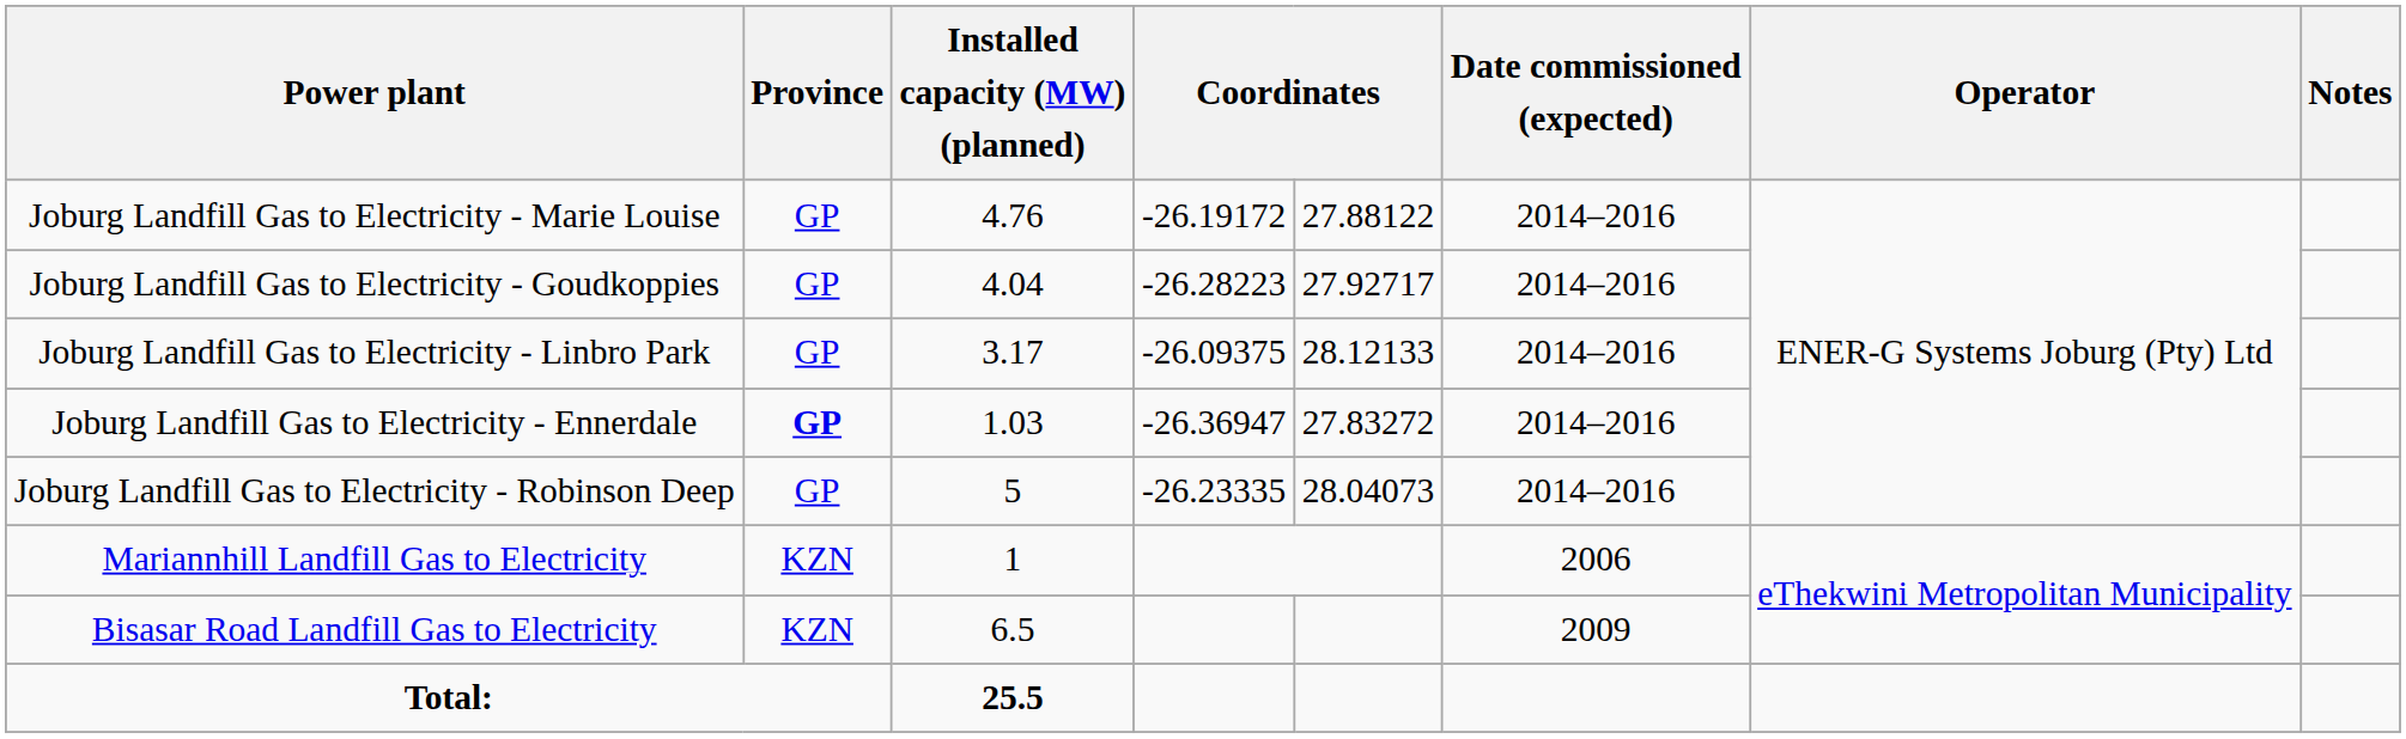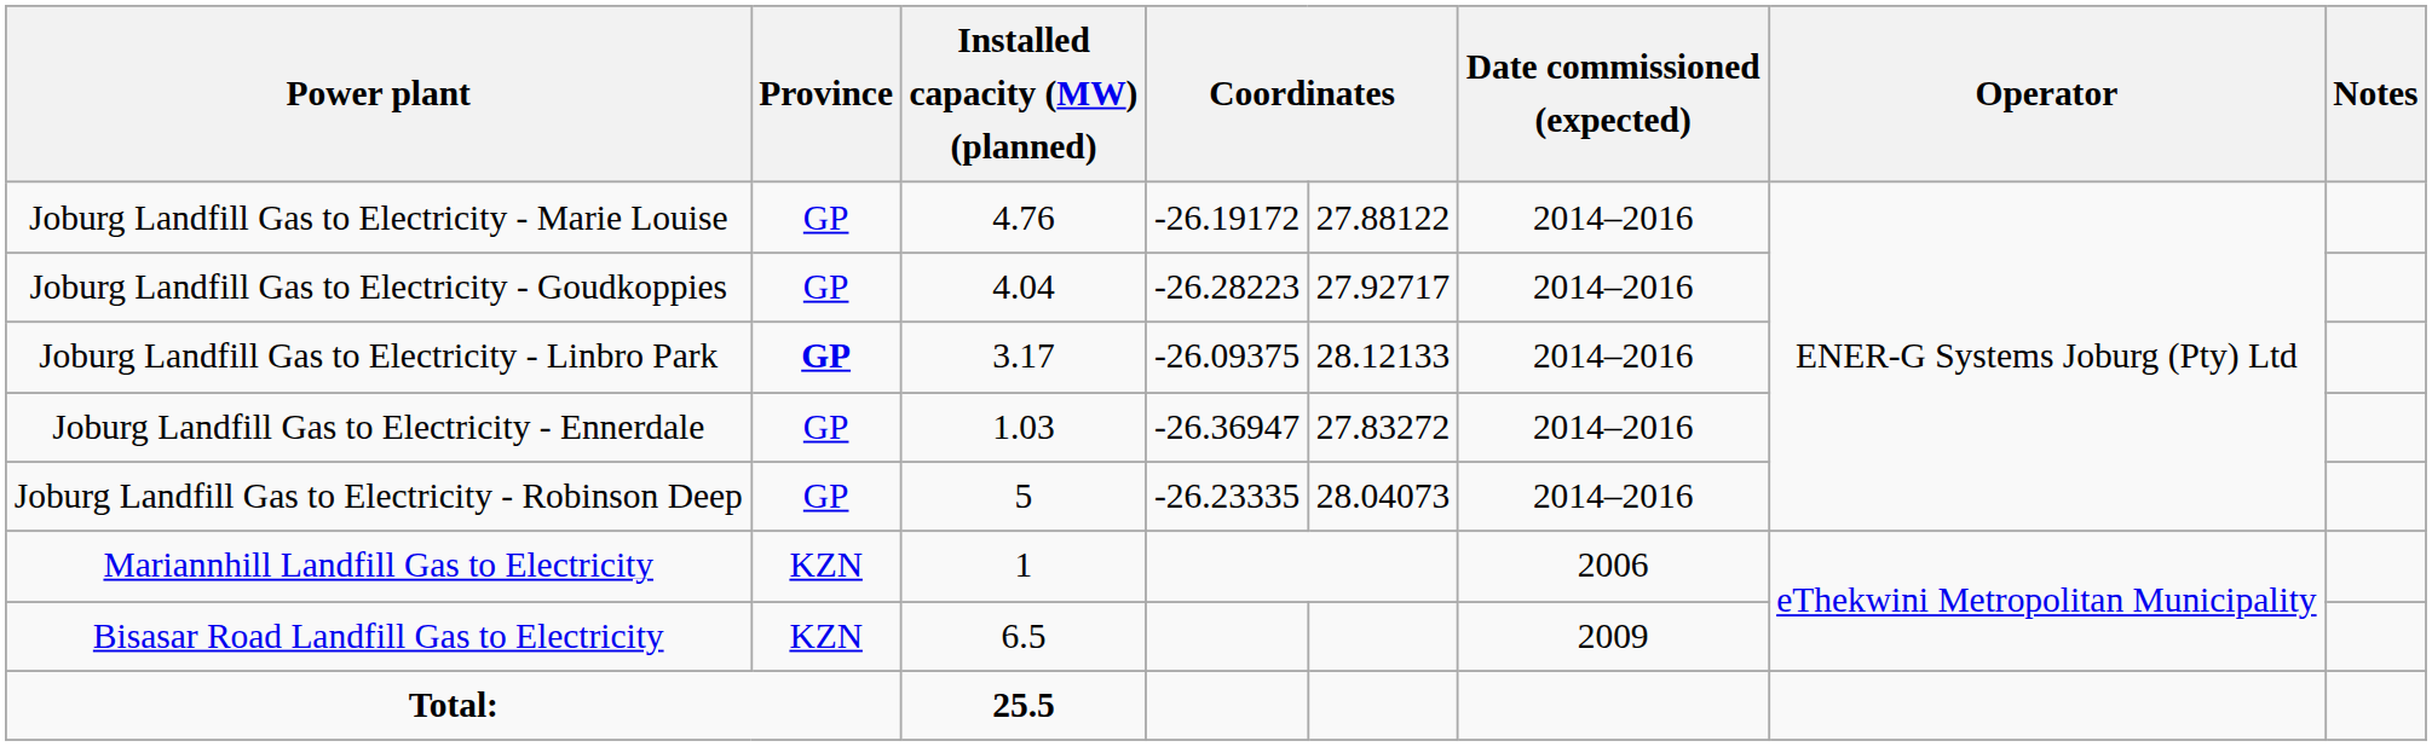 <table class="wikitable sortable" style="border:0; text-align:center; line-height:150%; table-layout:fixed;">
 <tr>
 <th>Power plant</th>
 <th>Province</th>
 <th>Installed<br>capacity (<a href='#'>MW</a>)<br>(planned)</th>
 <th colspan="2">Coordinates</th>
 <th>Date commissioned<br>(expected)</th>
 <th>Operator</th>
 <th>Notes</th>
 </tr>
 <tr>
 <td>Joburg  Landfill Gas to Electricity - Marie Louise</td>
 <td><a href='#'>GP</a></td>
 <td>4.76</td>
 <td>-26.19172</td>
 <td>27.88122</td>
 <td>2014–2016</td>
 <td rowspan="5">ENER-G  Systems Joburg (Pty) Ltd</td>
 <td></td>
 </tr>
 <tr>
 <td>Joburg  Landfill Gas to Electricity - Goudkoppies</td>
 <td><a href='#'>GP</a></td>
 <td>4.04</td>
 <td>-26.28223</td>
 <td>27.92717</td>
 <td>2014–2016</td>
 <td></td>
 </tr>
 <tr>
 <td>Joburg  Landfill Gas to Electricity - Linbro Park</td>
-<td><a href='#'>GP</a></td>
+<td><strong><a href='#'>GP</a></strong></td>
 <td>3.17</td>
 <td>-26.09375</td>
 <td>28.12133</td>
 <td>2014–2016</td>
 <td></td>
 </tr>
 <tr>
 <td>Joburg  Landfill Gas to Electricity - Ennerdale</td>
-<td><strong><a href='#'>GP</a></strong></td>
+<td><a href='#'>GP</a></td>
 <td>1.03</td>
 <td>-26.36947</td>
 <td>27.83272</td>
 <td>2014–2016</td>
 <td></td>
 </tr>
 <tr>
 <td>Joburg  Landfill Gas to Electricity - Robinson Deep</td>
 <td><a href='#'>GP</a></td>
 <td>5</td>
 <td>-26.23335</td>
 <td>28.04073</td>
 <td>2014–2016</td>
 <td></td>
 </tr>
 <tr>
 <td><a href='#'>Mariannhill Landfill Gas to Electricity</a></td>
 <td><a href='#'>KZN</a></td>
 <td>1</td>
 <td colspan="2"></td>
 <td>2006</td>
 <td rowspan="2"><a href='#'>eThekwini Metropolitan Municipality</a></td>
 <td></td>
 </tr>
 <tr>
 <td><a href='#'>Bisasar Road Landfill Gas to Electricity</a></td>
 <td><a href='#'>KZN</a></td>
 <td>6.5</td>
 <td></td>
 <td></td>
 <td>2009</td>
 <td></td>
 </tr>
 <tr>
 <td colspan="2"><strong>Total:</strong></td>
 <td><strong>25.5</strong></td>
 <td></td>
 <td></td>
 <td></td>
 <td></td>
 <td></td>
 </tr>
 </table>
